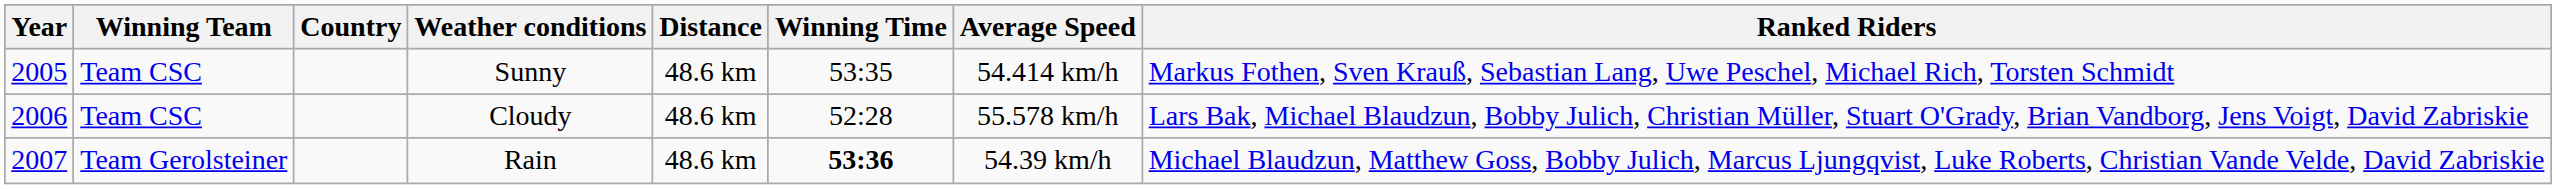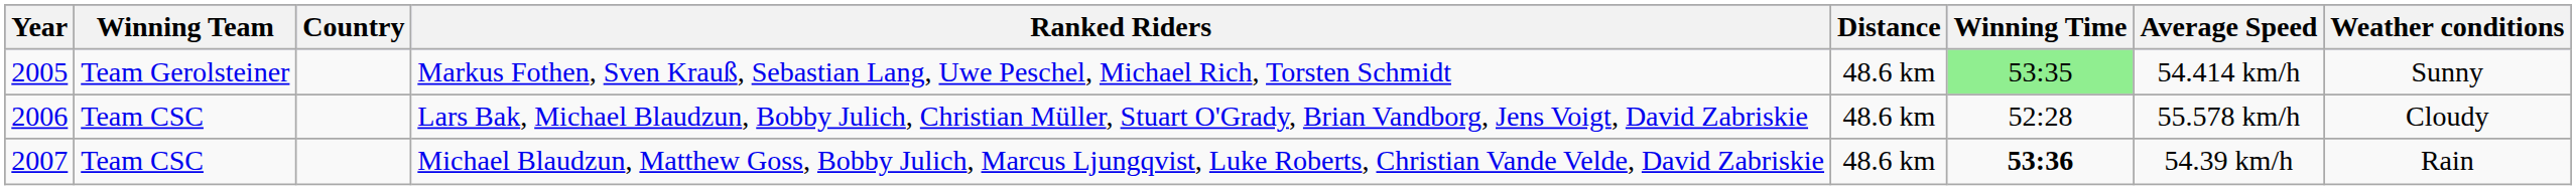 <table class="wikitable">
 <tr style="background:#ccccff;">
 <th>Year</th>
 <th>Winning Team</th>
 <th>Country</th>
-<th>Weather conditions</th>
+<th>Ranked Riders</th>
 <th>Distance</th>
 <th>Winning Time</th>
 <th>Average Speed</th>
-<th>Ranked Riders</th>
+<th>Weather conditions</th>
 </tr>
 <tr>
 <td><a href='#'>2005</a></td>
-<td><a href='#'>Team CSC</a></td>
+<td><a href='#'>Team Gerolsteiner</a></td>
 <td></td>
+<td><a href='#'>Markus Fothen</a>, <a href='#'>Sven Krauß</a>, <a href='#'>Sebastian Lang</a>, <a href='#'>Uwe Peschel</a>, <a href='#'>Michael Rich</a>, <a href='#'>Torsten Schmidt</a></td>
+<td align="center">48.6 km</td>
+<td align="center" style="background: lightgreen;">53:35</td>
+<td align="center">54.414 km/h</td>
 <td align="center">Sunny</td>
-<td align="center">48.6 km</td>
-<td align="center">53:35</td>
-<td align="center">54.414 km/h</td>
-<td><a href='#'>Markus Fothen</a>, <a href='#'>Sven Krauß</a>, <a href='#'>Sebastian Lang</a>, <a href='#'>Uwe Peschel</a>, <a href='#'>Michael Rich</a>, <a href='#'>Torsten Schmidt</a></td>
 </tr>
 <tr>
 <td><a href='#'>2006</a></td>
 <td><a href='#'>Team CSC</a></td>
 <td></td>
-<td align="center">Cloudy</td>
+<td><a href='#'>Lars Bak</a>, <a href='#'>Michael Blaudzun</a>, <a href='#'>Bobby Julich</a>, <a href='#'>Christian Müller</a>, <a href='#'>Stuart O'Grady</a>, <a href='#'>Brian Vandborg</a>, <a href='#'>Jens Voigt</a>, <a href='#'>David Zabriskie</a></td>
 <td align="center">48.6 km</td>
 <td align="center">52:28</td>
 <td align="center">55.578 km/h</td>
-<td><a href='#'>Lars Bak</a>, <a href='#'>Michael Blaudzun</a>, <a href='#'>Bobby Julich</a>, <a href='#'>Christian Müller</a>, <a href='#'>Stuart O'Grady</a>, <a href='#'>Brian Vandborg</a>, <a href='#'>Jens Voigt</a>, <a href='#'>David Zabriskie</a></td>
+<td align="center">Cloudy</td>
 </tr>
 <tr>
 <td><a href='#'>2007</a></td>
-<td><a href='#'>Team Gerolsteiner</a></td>
+<td><a href='#'>Team CSC</a></td>
 <td></td>
-<td align="center">Rain</td>
+<td><a href='#'>Michael Blaudzun</a>, <a href='#'>Matthew Goss</a>, <a href='#'>Bobby Julich</a>, <a href='#'>Marcus Ljungqvist</a>, <a href='#'>Luke Roberts</a>, <a href='#'>Christian Vande Velde</a>, <a href='#'>David Zabriskie</a></td>
 <td align="center">48.6 km</td>
 <td align="center"><strong>53:36</strong></td>
 <td align="center">54.39 km/h</td>
-<td><a href='#'>Michael Blaudzun</a>, <a href='#'>Matthew Goss</a>, <a href='#'>Bobby Julich</a>, <a href='#'>Marcus Ljungqvist</a>, <a href='#'>Luke Roberts</a>, <a href='#'>Christian Vande Velde</a>, <a href='#'>David Zabriskie</a></td>
+<td align="center">Rain</td>
 </tr>
 </table>
